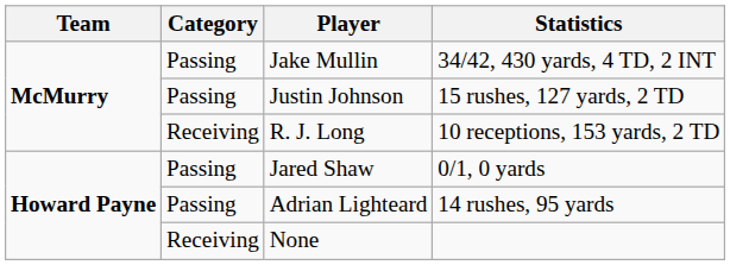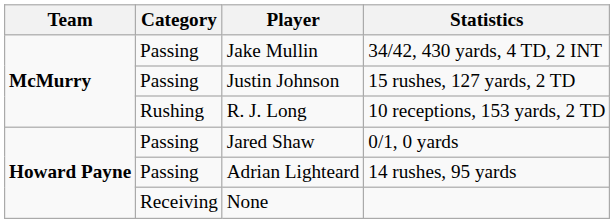 <table class="wikitable" style="float: left;">
 <tr>
 <th>Team</th>
 <th>Category</th>
 <th>Player</th>
 <th>Statistics</th>
 </tr>
 <tr>
 <td rowspan=3><strong>McMurry</strong></td>
 <td>Passing</td>
 <td>Jake Mullin</td>
 <td>34/42, 430 yards, 4 TD, 2 INT</td>
 </tr>
 <tr>
 <td>Passing</td>
 <td>Justin Johnson</td>
 <td>15 rushes, 127 yards, 2 TD</td>
 </tr>
 <tr>
-<td>Receiving</td>
+<td>Rushing</td>
 <td>R. J. Long</td>
 <td>10 receptions, 153 yards, 2 TD</td>
 </tr>
 <tr>
 <td rowspan=3><strong>Howard Payne</strong></td>
 <td>Passing</td>
 <td>Jared Shaw</td>
 <td>0/1, 0 yards</td>
 </tr>
 <tr>
 <td>Passing</td>
 <td>Adrian Lighteard</td>
 <td>14 rushes, 95 yards</td>
 </tr>
 <tr>
 <td>Receiving</td>
 <td>None</td>
 <td></td>
 </tr>
 </table>
